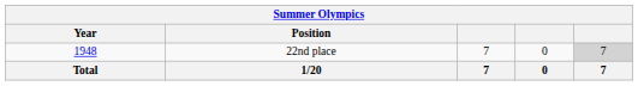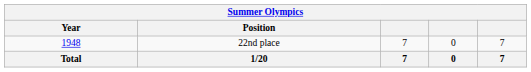 <table class="wikitable" width=50% style="text-align: center;font-size:90%;">
 <tr>
 <th colspan=5><a href='#'>Summer Olympics</a></th>
 </tr>
 <tr>
 <th>Year</th>
 <th>Position</th>
 <th></th>
 <th></th>
 <th></th>
 </tr>
 <tr>
 <td> <a href='#'>1948</a></td>
 <td>22nd place</td>
 <td>7</td>
 <td>0</td>
-<td style="background: lightgrey;">7</td>
+<td>7</td>
 </tr>
 <tr>
 <th>Total</th>
 <th>1/20</th>
 <th>7</th>
 <th>0</th>
 <th>7</th>
 </tr>
 </table>
